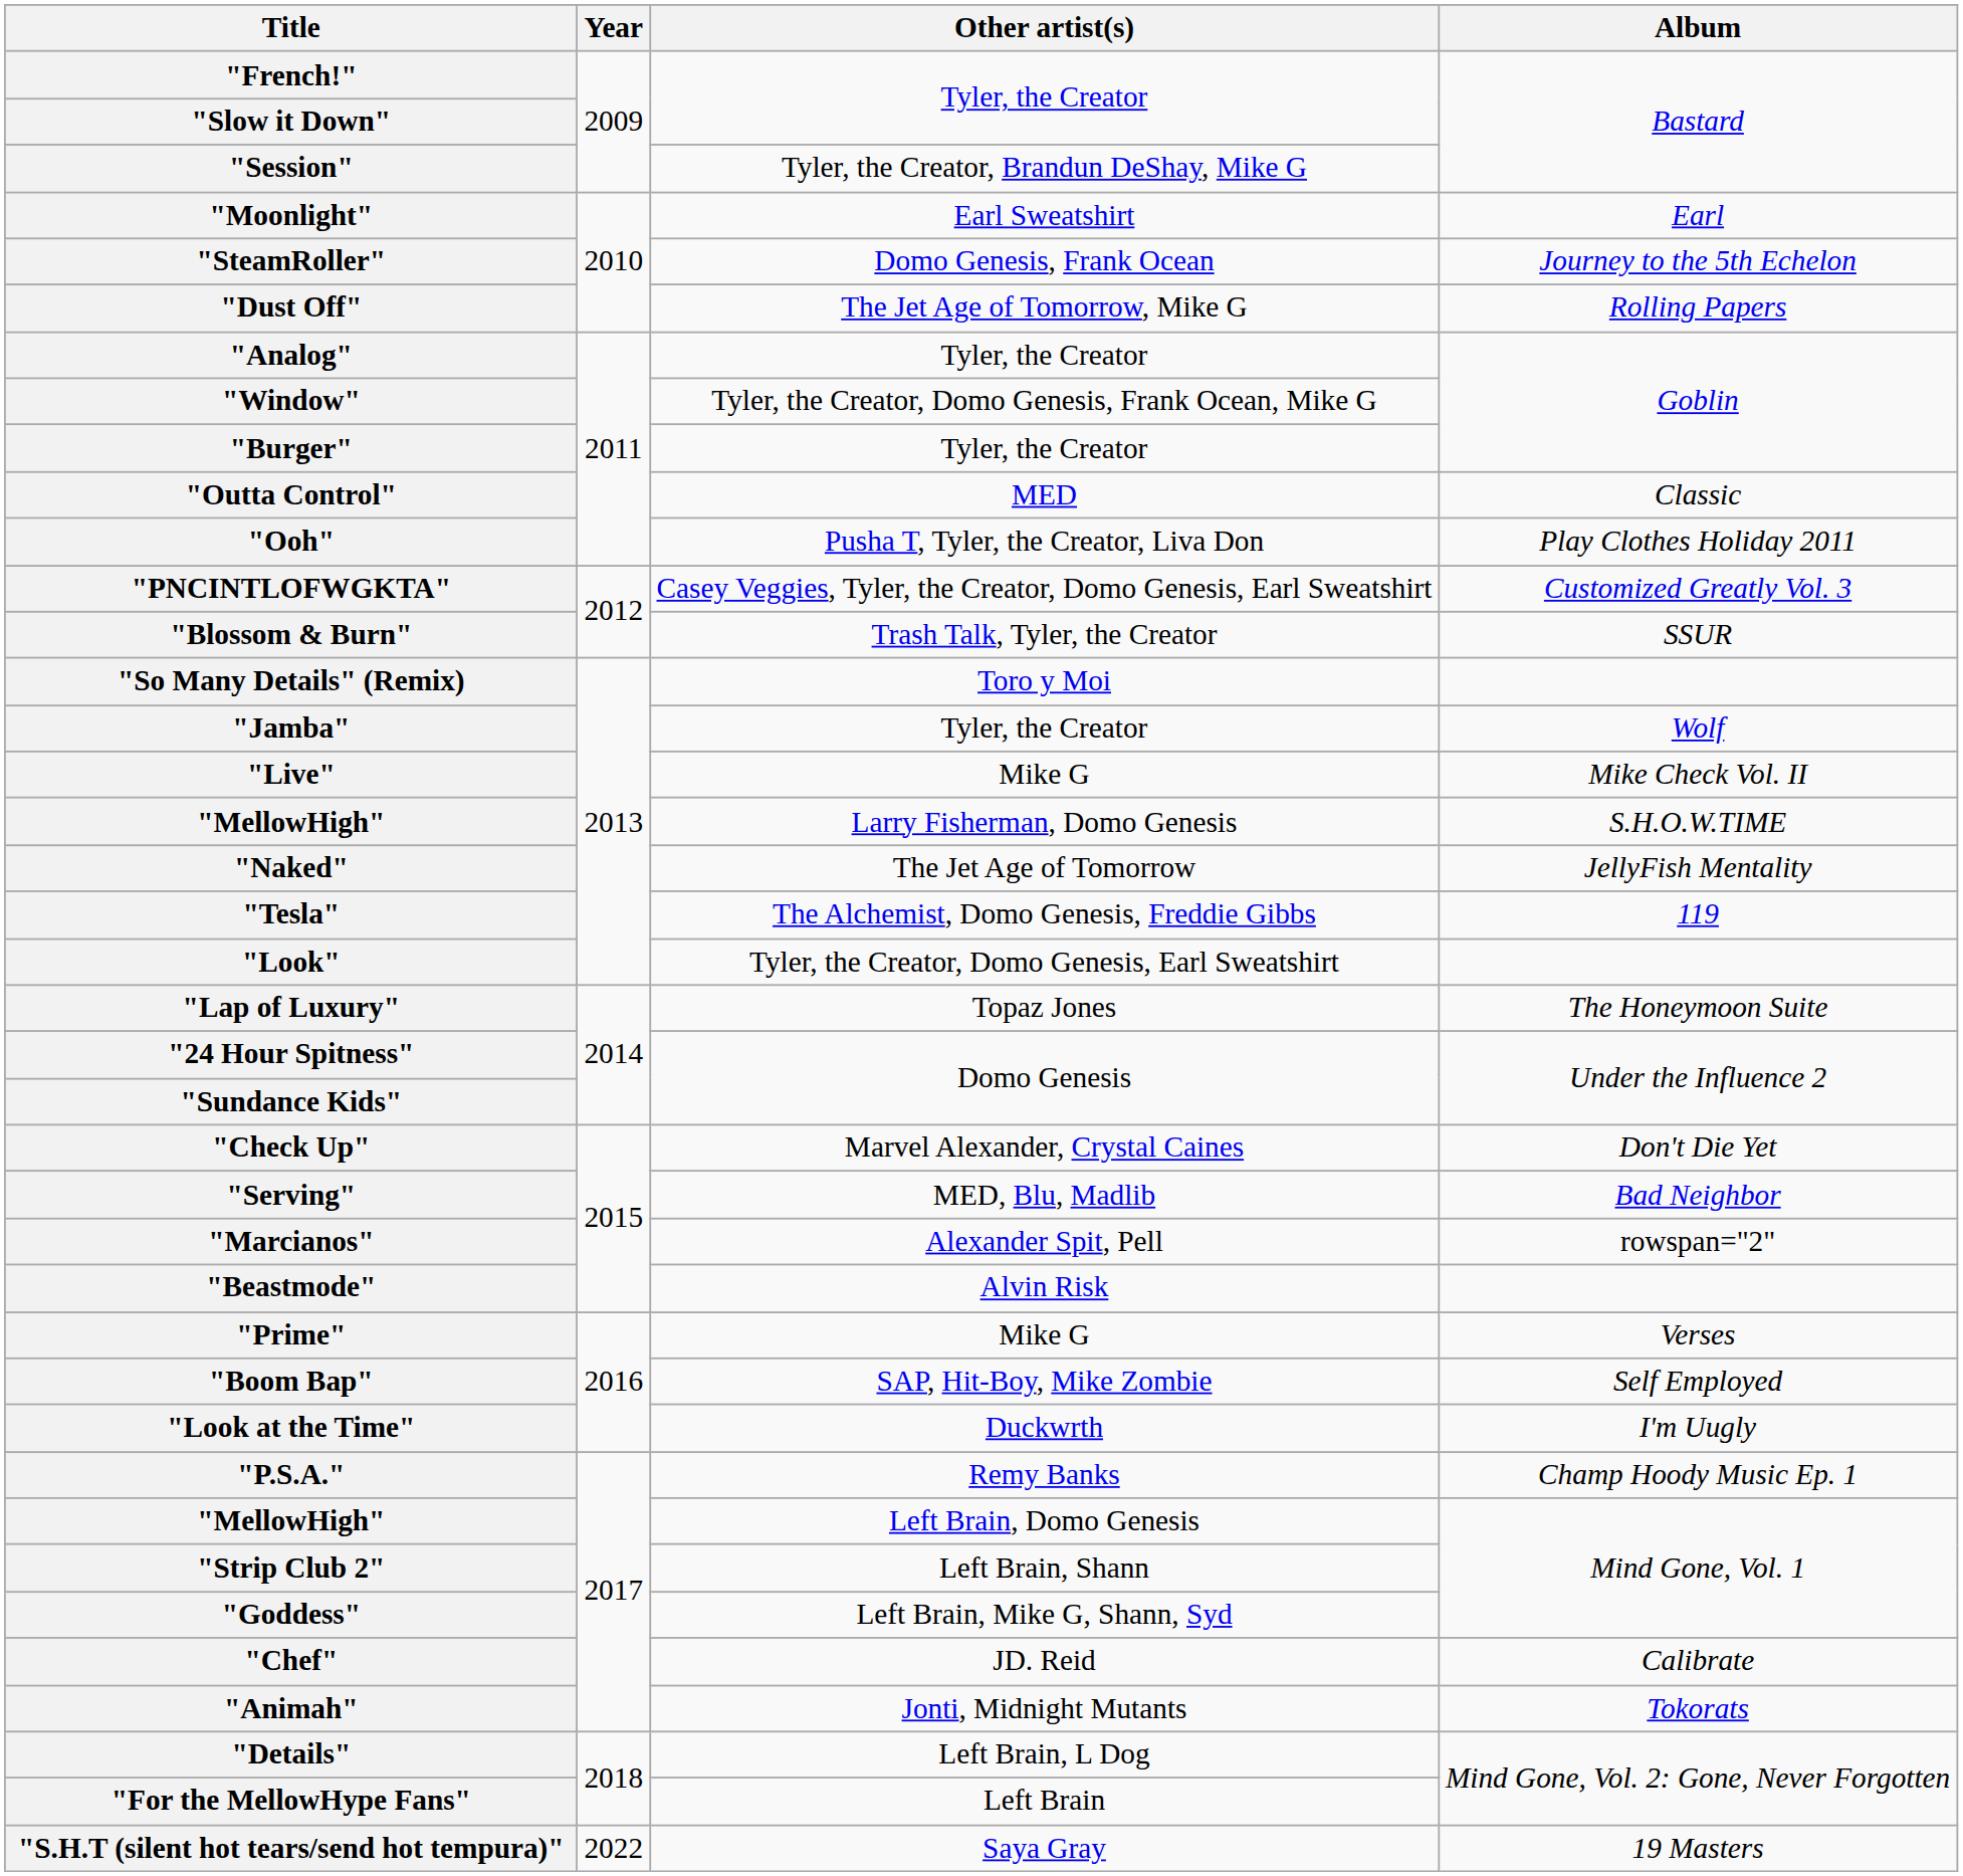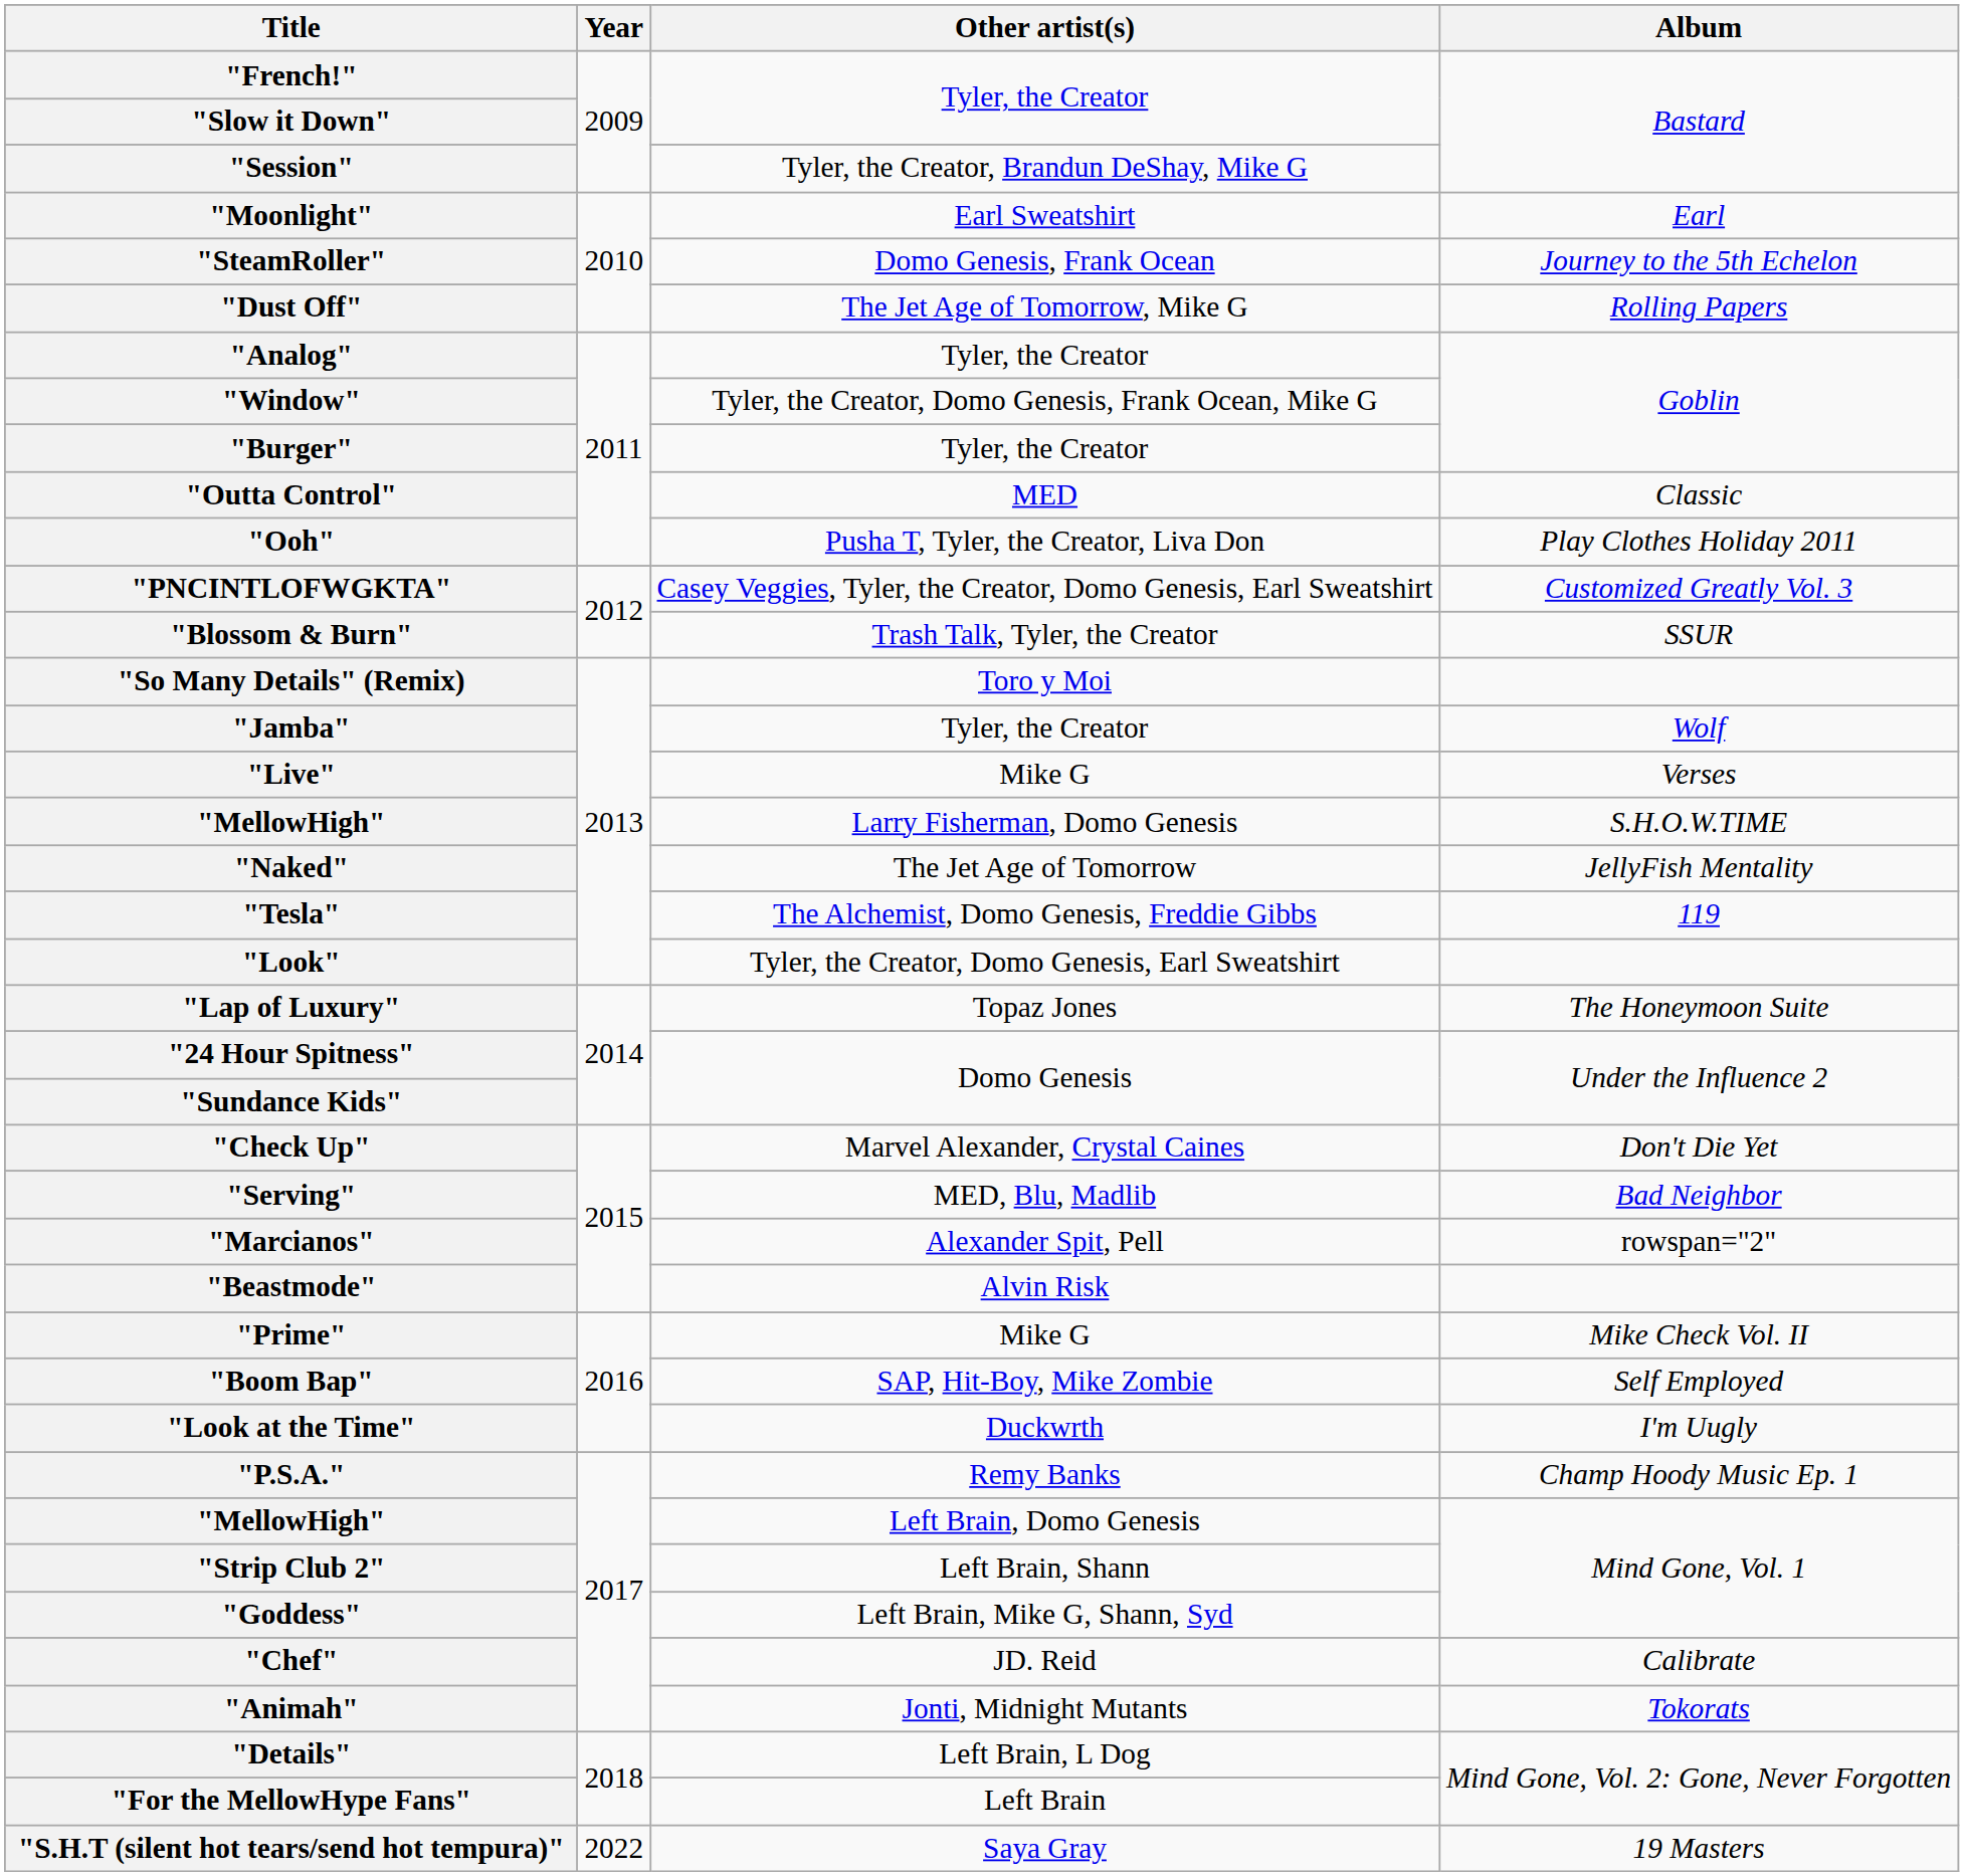 <table class="wikitable plainrowheaders" style="text-align:center;">
 <tr>
 <th scope="col" style="width:19em;">Title</th>
 <th scope="col">Year</th>
 <th scope="col">Other artist(s)</th>
 <th scope="col">Album</th>
 </tr>
 <tr>
 <th scope="row">"French!"</th>
 <td rowspan="3">2009</td>
 <td rowspan="2"><a href='#'>Tyler, the Creator</a></td>
 <td rowspan="3"><em><a href='#'>Bastard</a></em></td>
 </tr>
 <tr>
 <th scope="row">"Slow it Down"</th>
 </tr>
 <tr>
 <th scope="row">"Session"</th>
 <td>Tyler, the Creator, <a href='#'>Brandun DeShay</a>, <a href='#'>Mike G</a></td>
 </tr>
 <tr>
 <th scope="row">"Moonlight"</th>
 <td rowspan="3">2010</td>
 <td><a href='#'>Earl Sweatshirt</a></td>
 <td><em><a href='#'>Earl</a></em></td>
 </tr>
 <tr>
 <th scope="row">"SteamRoller"</th>
 <td><a href='#'>Domo Genesis</a>, <a href='#'>Frank Ocean</a></td>
 <td><em><a href='#'>Journey to the 5th Echelon</a></em></td>
 </tr>
 <tr>
 <th scope="row">"Dust Off"</th>
 <td><a href='#'>The Jet Age of Tomorrow</a>, Mike G</td>
 <td><em><a href='#'>Rolling Papers</a></em></td>
 </tr>
 <tr>
 <th scope="row">"Analog"</th>
 <td rowspan="5">2011</td>
 <td>Tyler, the Creator</td>
 <td rowspan="3"><em><a href='#'>Goblin</a></em></td>
 </tr>
 <tr>
 <th scope="row">"Window"</th>
 <td>Tyler, the Creator, Domo Genesis, Frank Ocean, Mike G</td>
 </tr>
 <tr>
 <th scope="row">"Burger"</th>
 <td>Tyler, the Creator</td>
 </tr>
 <tr>
 <th scope="row">"Outta Control"</th>
 <td><a href='#'>MED</a></td>
 <td><em>Classic</em></td>
 </tr>
 <tr>
 <th scope="row">"Ooh"</th>
 <td><a href='#'>Pusha T</a>, Tyler, the Creator, Liva Don</td>
 <td><em>Play Clothes Holiday 2011</em></td>
 </tr>
 <tr>
 <th scope="row">"PNCINTLOFWGKTA"</th>
 <td rowspan="2">2012</td>
 <td><a href='#'>Casey Veggies</a>, Tyler, the Creator, Domo Genesis, Earl Sweatshirt</td>
 <td><em><a href='#'>Customized Greatly Vol. 3</a></em></td>
 </tr>
 <tr>
 <th scope="row">"Blossom & Burn"</th>
 <td><a href='#'>Trash Talk</a>, Tyler, the Creator</td>
 <td><em>SSUR</em></td>
 </tr>
 <tr>
 <th scope="row">"So Many Details" (Remix)</th>
 <td rowspan="7">2013</td>
 <td><a href='#'>Toro y Moi</a></td>
 <td></td>
 </tr>
 <tr>
 <th scope="row">"Jamba"</th>
 <td>Tyler, the Creator</td>
 <td><em><a href='#'>Wolf</a></em></td>
 </tr>
 <tr>
 <th scope="row">"Live"</th>
 <td>Mike G</td>
-<td><em>Mike Check Vol. II</em></td>
+<td><em>Verses</em></td>
 </tr>
 <tr>
 <th scope="row">"MellowHigh"</th>
 <td><a href='#'>Larry Fisherman</a>, Domo Genesis</td>
 <td><em>S.H.O.W.TIME</em></td>
 </tr>
 <tr>
 <th scope="row">"Naked"</th>
 <td>The Jet Age of Tomorrow</td>
 <td><em>JellyFish Mentality</em></td>
 </tr>
 <tr>
 <th scope="row">"Tesla"</th>
 <td><a href='#'>The Alchemist</a>, Domo Genesis, <a href='#'>Freddie Gibbs</a></td>
 <td><em><a href='#'>119</a></em></td>
 </tr>
 <tr>
 <th scope="row">"Look"</th>
 <td>Tyler, the Creator, Domo Genesis, Earl Sweatshirt</td>
 <td></td>
 </tr>
 <tr>
 <th scope="row">"Lap of Luxury"</th>
 <td rowspan="3">2014</td>
 <td>Topaz Jones</td>
 <td><em>The Honeymoon Suite</em></td>
 </tr>
 <tr>
 <th scope="row">"24 Hour Spitness"</th>
 <td rowspan="2">Domo Genesis</td>
 <td rowspan="2"><em>Under the Influence 2</em></td>
 </tr>
 <tr>
 <th scope="row">"Sundance Kids"</th>
 </tr>
 <tr>
 <th scope="row">"Check Up"</th>
 <td rowspan="4">2015</td>
 <td>Marvel Alexander,  <a href='#'>Crystal Caines</a></td>
 <td><em>Don't Die Yet</em></td>
 </tr>
 <tr>
 <th scope="row">"Serving"</th>
 <td>MED, <a href='#'>Blu</a>, <a href='#'>Madlib</a></td>
 <td><em><a href='#'>Bad Neighbor</a></em></td>
 </tr>
 <tr>
 <th scope="row">"Marcianos"</th>
 <td><a href='#'>Alexander Spit</a>, Pell</td>
 <td>rowspan="2" </td>
 </tr>
 <tr>
 <th scope="row">"Beastmode"</th>
 <td><a href='#'>Alvin Risk</a></td>
 </tr>
 <tr>
 <th scope="row">"Prime"</th>
 <td rowspan="3">2016</td>
 <td>Mike G</td>
-<td><em>Verses</em></td>
+<td><em>Mike Check Vol. II</em></td>
 </tr>
 <tr>
 <th scope="row">"Boom Bap"</th>
 <td><a href='#'>SAP</a>, <a href='#'>Hit-Boy</a>, <a href='#'>Mike Zombie</a></td>
 <td><em>Self Employed</em></td>
 </tr>
 <tr>
 <th scope="row">"Look at the Time"</th>
 <td><a href='#'>Duckwrth</a></td>
 <td><em>I'm Uugly</em></td>
 </tr>
 <tr>
 <th scope="row">"P.S.A."</th>
 <td rowspan="6">2017</td>
 <td><a href='#'>Remy Banks</a></td>
 <td><em>Champ Hoody Music Ep. 1</em></td>
 </tr>
 <tr>
 <th scope="row">"MellowHigh"</th>
 <td><a href='#'>Left Brain</a>, Domo Genesis</td>
 <td rowspan="3"><em>Mind Gone, Vol. 1</em></td>
 </tr>
 <tr>
 <th scope="row">"Strip Club 2"</th>
 <td>Left Brain, Shann</td>
 </tr>
 <tr>
 <th scope="row">"Goddess"</th>
 <td>Left Brain, Mike G, Shann, <a href='#'>Syd</a></td>
 </tr>
 <tr>
 <th scope="row">"Chef"</th>
 <td>JD. Reid</td>
 <td><em>Calibrate</em></td>
 </tr>
 <tr>
 <th scope="row">"Animah"</th>
 <td><a href='#'>Jonti</a>, Midnight Mutants</td>
 <td><em><a href='#'>Tokorats</a></em></td>
 </tr>
 <tr>
 <th scope="row">"Details"</th>
 <td rowspan="2">2018</td>
 <td>Left Brain, L Dog</td>
 <td rowspan="2"><em>Mind Gone, Vol. 2: Gone, Never Forgotten</em></td>
 </tr>
 <tr>
 <th scope="row">"For the MellowHype Fans"</th>
 <td>Left Brain</td>
 </tr>
 <tr>
 <th scope="row">"S.H.T (silent hot tears/send hot tempura)"</th>
 <td>2022</td>
 <td><a href='#'>Saya Gray</a></td>
 <td><em>19 Masters</em></td>
 </tr>
 </table>
